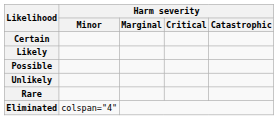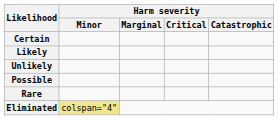 <table class="wikitable">
 <tr>
 <th rowspan=2>Likelihood</th>
 <th colspan=4>Harm severity</th>
 </tr>
 <tr>
 <th>Minor</th>
 <th>Marginal</th>
 <th>Critical</th>
 <th>Catastrophic</th>
 </tr>
 <tr>
 <th>Certain</th>
 <td></td>
 <td></td>
 <td></td>
 <td></td>
 </tr>
 <tr>
 <th>Likely</th>
 <td></td>
 <td></td>
 <td></td>
 <td></td>
 </tr>
 <tr>
-<th>Possible</th>
+<th>Unlikely</th>
 <td></td>
 <td></td>
 <td></td>
 <td></td>
 </tr>
 <tr>
-<th>Unlikely</th>
+<th>Possible</th>
 <td></td>
 <td></td>
 <td></td>
 <td></td>
 </tr>
 <tr>
 <th>Rare</th>
 <td></td>
 <td></td>
 <td></td>
 <td></td>
 </tr>
 <tr>
 <th>Eliminated</th>
-<td>colspan="4" </td>
+<td style="background: khaki;">colspan="4" </td>
 </tr>
 </table>
